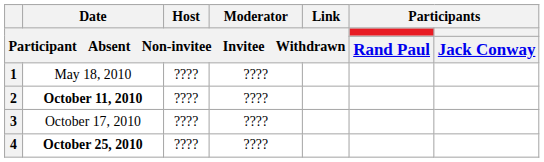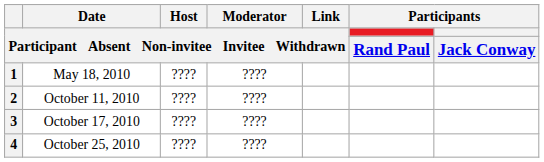 <table class="wikitable mw-collapsible"  style="text-align:center;">
 <tr style="font-size:small;">
 <th scope="col"></th>
 <th scope="col">Date</th>
 <th scope="col">Host</th>
 <th scope="col">Moderator</th>
 <th scope="col">Link</th>
 <th scope="col" colspan="2">Participants</th>
 </tr>
 <tr>
 <th colspan="5" rowspan="2"> <small>Participant  </small> <small>Absent  </small> <small>Non-invitee  </small> <small>Invitee  </small> <small>Withdrawn</small></th>
 <th scope="col" style="background:#E81B23;"></th>
 <th scope="col" style="background:"></th>
 </tr>
 <tr>
 <th scope="col"><a href='#'>Rand Paul</a></th>
 <th scope="col"><a href='#'>Jack Conway</a></th>
 </tr>
 <tr style="background:#fff; font-size:small;">
 <th scope="row">1</th>
 <td style="white-space:nowrap;">May 18, 2010</td>
 <td style="white-space:nowrap;">????</td>
 <td style="white-space:nowrap;">????</td>
 <td style="white-space:nowrap;"></td>
 <td></td>
 <td></td>
 </tr>
 <tr style="background:#fff; font-size:small;">
 <th scope="row">2</th>
-<td style="white-space:nowrap;"><strong>October 11, 2010</strong></td>
+<td style="white-space:nowrap;">October 11, 2010</td>
 <td style="white-space:nowrap;">????</td>
 <td style="white-space:nowrap;">????</td>
 <td style="white-space:nowrap;"></td>
 <td></td>
 <td></td>
 </tr>
 <tr style="background:#fff; font-size:small;">
 <th scope="row">3</th>
 <td style="white-space:nowrap;">October 17, 2010</td>
 <td style="white-space:nowrap;">????</td>
 <td style="white-space:nowrap;">????</td>
 <td style="white-space:nowrap;"></td>
 <td></td>
 <td></td>
 </tr>
 <tr style="background:#fff; font-size:small;">
 <th scope="row">4</th>
-<td style="white-space:nowrap;"><strong>October 25, 2010</strong></td>
+<td style="white-space:nowrap;">October 25, 2010</td>
 <td style="white-space:nowrap;">????</td>
 <td style="white-space:nowrap;">????</td>
 <td style="white-space:nowrap;"></td>
 <td></td>
 <td></td>
 </tr>
 </table>
